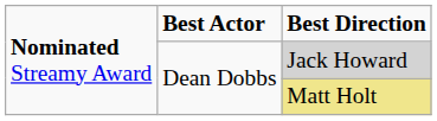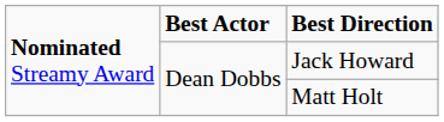 <table class="wikitable">
 <tr>
 <td rowspan="3"><strong>Nominated</strong><br><a href='#'>Streamy Award</a></td>
 <td><strong>Best Actor</strong></td>
 <td><strong>Best Direction</strong></td>
 </tr>
 <tr>
 <td rowspan="2">Dean Dobbs</td>
-<td style="background: lightgrey;">Jack Howard</td>
+<td>Jack Howard</td>
 </tr>
 <tr>
-<td style="background: khaki;">Matt Holt</td>
+<td>Matt Holt</td>
 </tr>
 </table>
